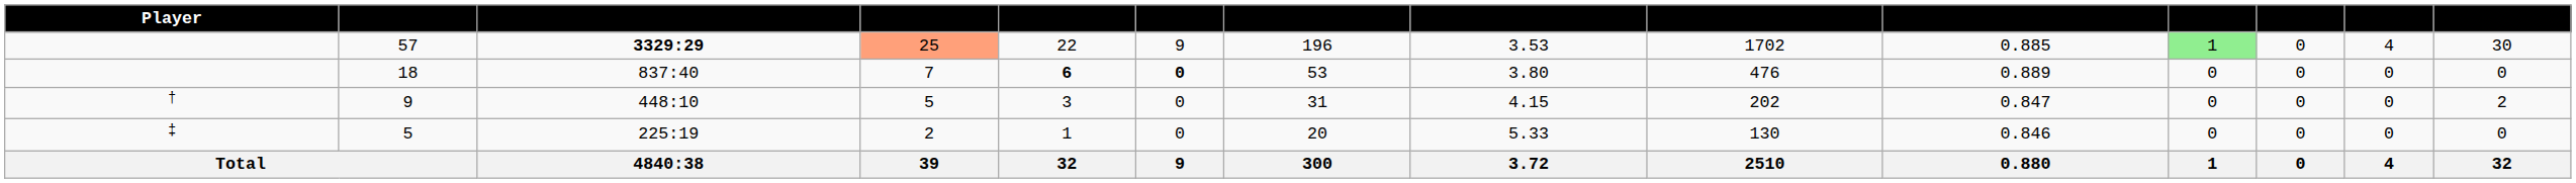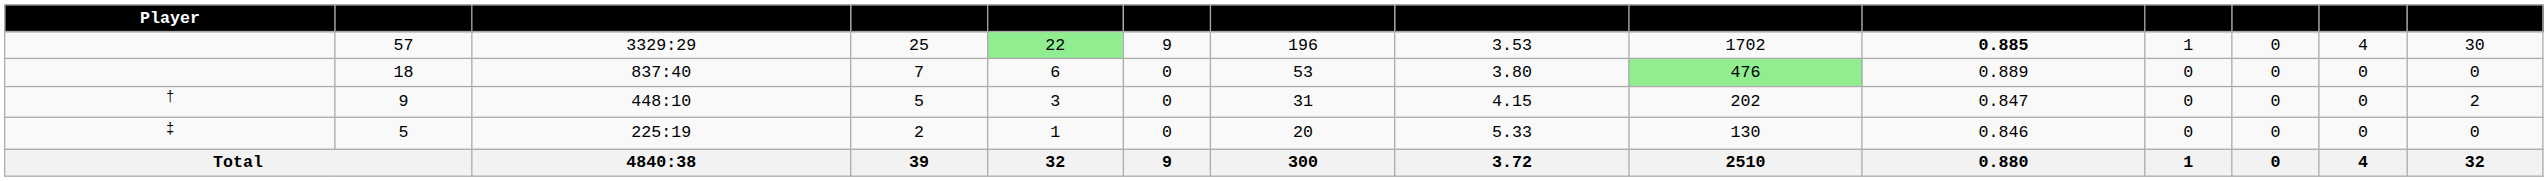 <table class="wikitable sortable" style="width:100%; text-align:center;">
 <tr>
 <th style="color:white; background:#000000; ">Player</th>
 <th style="color:white; background:#000000; "></th>
 <th style="color:white; background:#000000; "></th>
 <th style="color:white; background:#000000; "></th>
 <th style="color:white; background:#000000; "></th>
 <th style="color:white; background:#000000; "></th>
 <th style="color:white; background:#000000; "></th>
 <th style="color:white; background:#000000; "></th>
 <th style="color:white; background:#000000; "></th>
 <th style="color:white; background:#000000; "></th>
 <th style="color:white; background:#000000; "></th>
 <th style="color:white; background:#000000; "></th>
 <th style="color:white; background:#000000; "></th>
 <th style="color:white; background:#000000; "></th>
 </tr>
 <tr>
 <td></td>
 <td>57</td>
-<td><strong>3329:29</strong></td>
-<td style="background: lightsalmon;">25</td>
-<td>22</td>
+<td>3329:29</td>
+<td>25</td>
+<td style="background: lightgreen;">22</td>
 <td>9</td>
 <td>196</td>
 <td>3.53</td>
 <td>1702</td>
-<td>0.885</td>
-<td style="background: lightgreen;">1</td>
+<td><strong>0.885</strong></td>
+<td>1</td>
 <td>0</td>
 <td>4</td>
 <td>30</td>
 </tr>
 <tr>
 <td></td>
 <td>18</td>
 <td>837:40</td>
 <td>7</td>
-<td><strong>6</strong></td>
-<td><strong>0</strong></td>
+<td>6</td>
+<td>0</td>
 <td>53</td>
 <td>3.80</td>
-<td>476</td>
+<td style="background: lightgreen;">476</td>
 <td>0.889</td>
 <td>0</td>
 <td>0</td>
 <td>0</td>
 <td>0</td>
 </tr>
 <tr>
 <td><sup>†</sup></td>
 <td>9</td>
 <td>448:10</td>
 <td>5</td>
 <td>3</td>
 <td>0</td>
 <td>31</td>
 <td>4.15</td>
 <td>202</td>
 <td>0.847</td>
 <td>0</td>
 <td>0</td>
 <td>0</td>
 <td>2</td>
 </tr>
 <tr>
 <td><sup>‡</sup></td>
 <td>5</td>
 <td>225:19</td>
 <td>2</td>
 <td>1</td>
 <td>0</td>
 <td>20</td>
 <td>5.33</td>
 <td>130</td>
 <td>0.846</td>
 <td>0</td>
 <td>0</td>
 <td>0</td>
 <td>0</td>
 </tr>
 <tr class="sortbotom">
 <th colspan=2>Total</th>
 <th>4840:38</th>
 <th>39</th>
 <th>32</th>
 <th>9</th>
 <th>300</th>
 <th>3.72</th>
 <th>2510</th>
 <th>0.880</th>
 <th>1</th>
 <th>0</th>
 <th>4</th>
 <th>32</th>
 </tr>
 </table>
